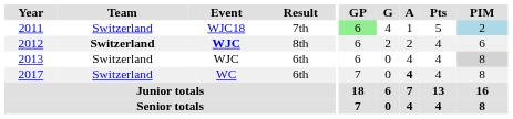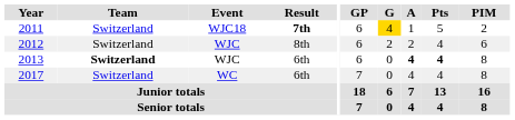 <table border="0" cellpadding="1" cellspacing="0" ID="Table3" style="text-align:center; width:40em">
 <tr ALIGN="center" bgcolor="#e0e0e0">
 <th>Year</th>
 <th>Team</th>
 <th>Event</th>
 <th>Result</th>
 <th rowspan="99" bgcolor="#ffffff"></th>
 <th>GP</th>
 <th>G</th>
 <th>A</th>
 <th>Pts</th>
 <th>PIM</th>
 </tr>
 <tr>
 <td><a href='#'>2011</a></td>
 <td><a href='#'>Switzerland</a></td>
 <td><a href='#'>WJC18</a></td>
-<td>7th</td>
-<td style="background: lightgreen;">6</td>
-<td>4</td>
+<td><strong>7th</strong></td>
+<td>6</td>
+<td style="background: gold;">4</td>
 <td>1</td>
 <td>5</td>
-<td style="background: lightblue;">2</td>
+<td>2</td>
 </tr>
 <tr bgcolor="#f0f0f0">
 <td><a href='#'>2012</a></td>
-<td><strong>Switzerland</strong></td>
-<td><strong><a href='#'>WJC</a></strong></td>
+<td>Switzerland</td>
+<td><a href='#'>WJC</a></td>
 <td>8th</td>
 <td>6</td>
 <td>2</td>
 <td>2</td>
 <td>4</td>
 <td>6</td>
 </tr>
 <tr>
 <td><a href='#'>2013</a></td>
-<td>Switzerland</td>
+<td><strong>Switzerland</strong></td>
 <td>WJC</td>
 <td>6th</td>
 <td>6</td>
 <td>0</td>
-<td>4</td>
-<td>4</td>
-<td style="background: lightgrey;">8</td>
+<td><strong>4</strong></td>
+<td><strong>4</strong></td>
+<td>8</td>
 </tr>
 <tr bgcolor="#f0f0f0">
 <td><a href='#'>2017</a></td>
 <td><a href='#'>Switzerland</a></td>
 <td><a href='#'>WC</a></td>
 <td>6th</td>
 <td>7</td>
 <td>0</td>
-<td><strong>4</strong></td>
+<td>4</td>
 <td>4</td>
 <td>8</td>
 </tr>
 <tr bgcolor="#e0e0e0">
 <th colspan="4">Junior totals</th>
 <th>18</th>
 <th>6</th>
 <th>7</th>
 <th>13</th>
 <th>16</th>
 </tr>
 <tr bgcolor="#e0e0e0">
 <th colspan="4">Senior totals</th>
 <th>7</th>
 <th>0</th>
 <th>4</th>
 <th>4</th>
 <th>8</th>
 </tr>
 </table>
